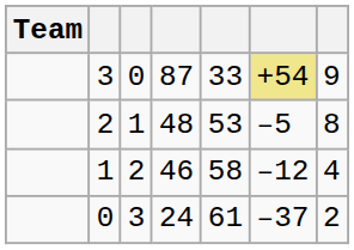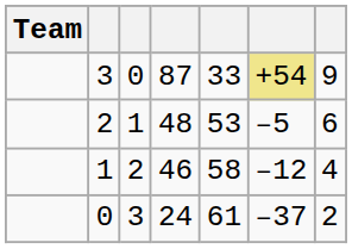 <table class="wikitable">
 <tr>
 <th>Team</th>
 <th></th>
 <th></th>
 <th></th>
 <th></th>
 <th></th>
 <th></th>
 </tr>
 <tr>
 <td></td>
 <td>3</td>
 <td>0</td>
 <td>87</td>
 <td>33</td>
 <td style="background: khaki;">+54</td>
 <td>9</td>
 </tr>
 <tr>
 <td></td>
 <td>2</td>
 <td>1</td>
 <td>48</td>
 <td>53</td>
 <td>–5</td>
-<td>8</td>
+<td>6</td>
 </tr>
 <tr>
 <td></td>
 <td>1</td>
 <td>2</td>
 <td>46</td>
 <td>58</td>
 <td>–12</td>
 <td>4</td>
 </tr>
 <tr>
 <td></td>
 <td>0</td>
 <td>3</td>
 <td>24</td>
 <td>61</td>
 <td>–37</td>
 <td>2</td>
 </tr>
 </table>
